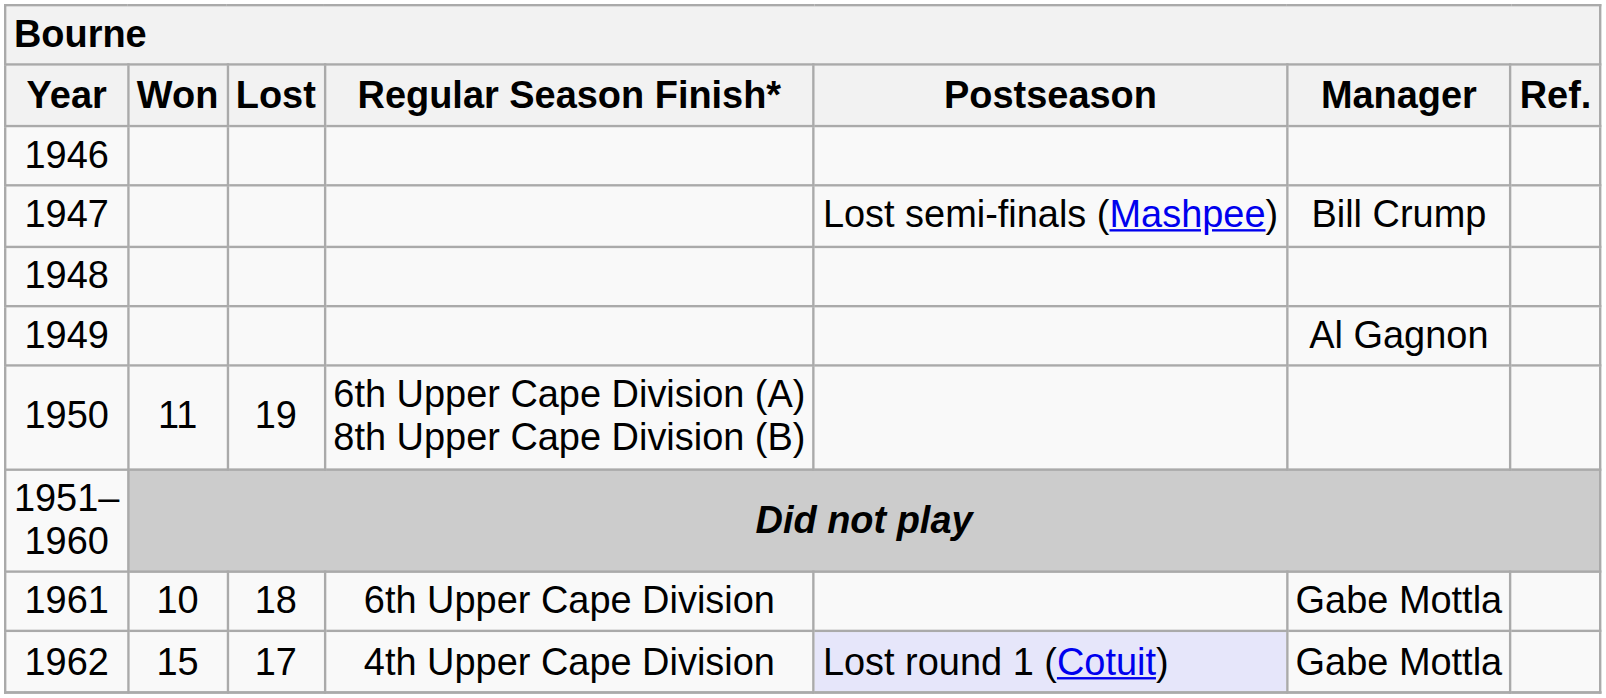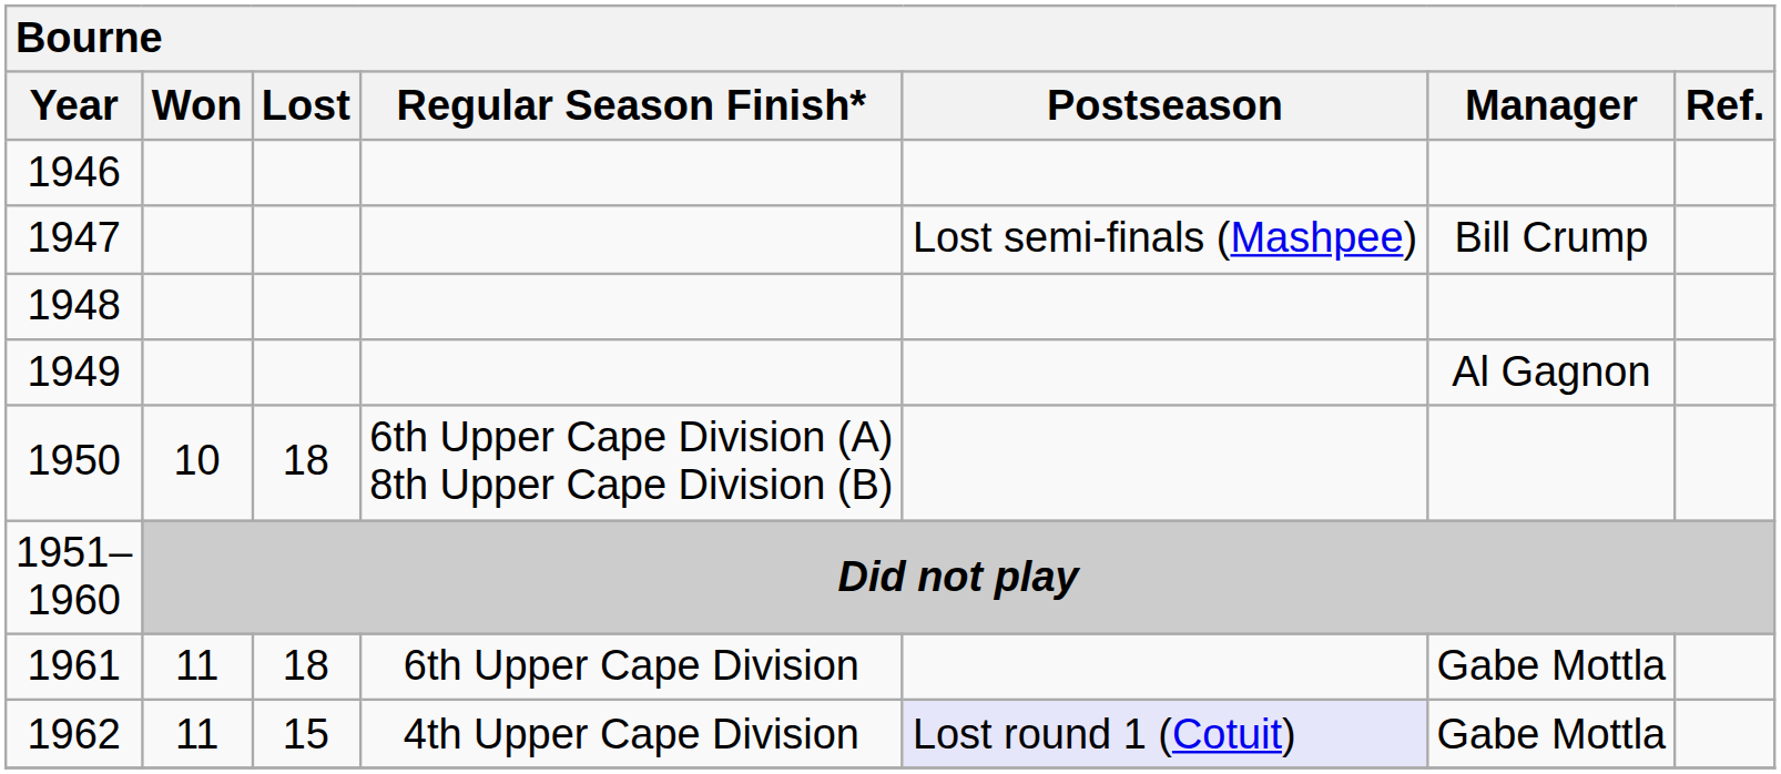 <table class="wikitable" style="text-align:center">
 <tr>
 <th style="text-align:left" colspan="7"><strong><span>Bourne</span></strong></th>
 </tr>
 <tr>
 <th scope="col">Year</th>
 <th scope="col">Won</th>
 <th scope="col">Lost</th>
 <th scope="col">Regular Season Finish*</th>
 <th scope="col">Postseason</th>
 <th scope="col">Manager</th>
 <th scope="col">Ref.</th>
 </tr>
 <tr>
 <td>1946</td>
 <td></td>
 <td></td>
 <td></td>
 <td></td>
 <td></td>
 <td></td>
 </tr>
 <tr>
 <td>1947</td>
 <td></td>
 <td></td>
 <td></td>
 <td style="text-align:left">Lost semi-finals (<a href='#'>Mashpee</a>)</td>
 <td>Bill Crump</td>
 <td></td>
 </tr>
 <tr>
 <td>1948</td>
 <td></td>
 <td></td>
 <td></td>
 <td></td>
 <td></td>
 <td></td>
 </tr>
 <tr>
 <td>1949</td>
 <td></td>
 <td></td>
 <td></td>
 <td></td>
 <td>Al Gagnon</td>
 <td></td>
 </tr>
 <tr>
 <td>1950</td>
-<td>11</td>
-<td>19</td>
+<td>10</td>
+<td>18</td>
 <td>6th Upper Cape Division (A)<br>8th Upper Cape Division (B)</td>
 <td></td>
 <td></td>
 <td></td>
 </tr>
 <tr>
 <td>1951–<br>1960</td>
 <td colspan="6" align="center" bgcolor=#cccccc><strong><em>Did not play</em></strong></td>
 </tr>
 <tr>
 <td>1961</td>
-<td>10</td>
+<td>11</td>
 <td>18</td>
 <td>6th Upper Cape Division</td>
 <td></td>
 <td>Gabe Mottla</td>
 <td></td>
 </tr>
 <tr>
 <td>1962</td>
+<td>11</td>
 <td>15</td>
-<td>17</td>
 <td>4th Upper Cape Division</td>
 <td style="background: lavender; text-align:left">Lost round 1 (<a href='#'>Cotuit</a>)</td>
 <td>Gabe Mottla</td>
 <td></td>
 </tr>
 <tr>
 </tr>
 </table>
